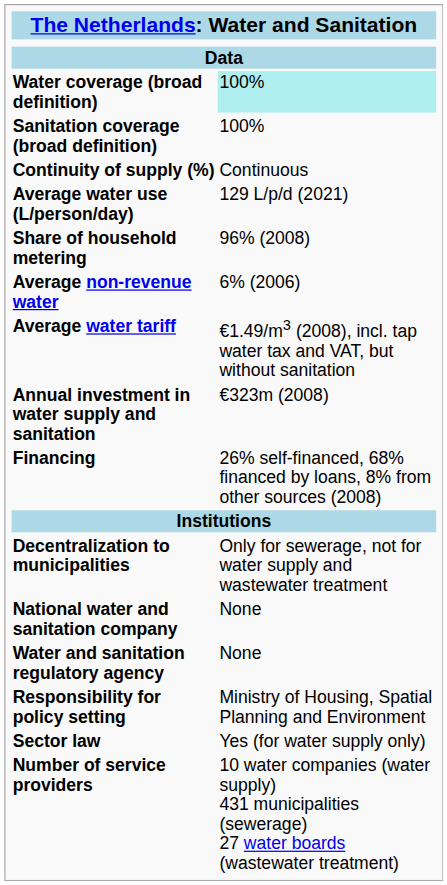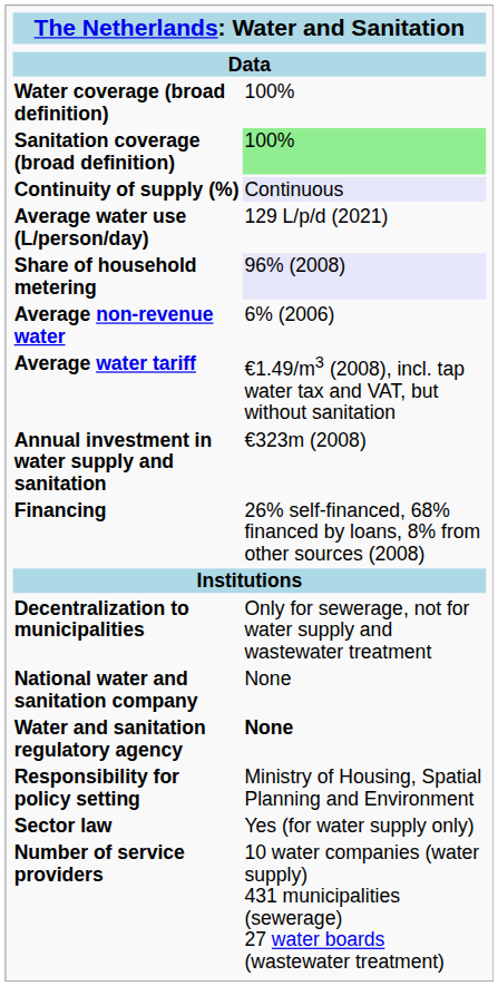 <table style="width: 25em; font-size: 90%; text-align: left;" class="infobox">
 <tr>
 <th align="center" bgcolor="lightblue" colspan="2"><big><a href='#'>The Netherlands</a>: Water and Sanitation</big></th>
 </tr>
 <tr>
 <td colspan="2" style="text-align:center"></td>
 </tr>
 <tr>
 <th align="center" bgcolor="lightblue" colspan="3">Data</th>
 </tr>
 <tr>
 <th align="left" valign="top">Water coverage (broad definition)</th>
-<td valign="top" style="background: paleturquoise;">100%</td>
+<td valign="top">100%</td>
 </tr>
 <tr>
 <th align="left" valign="top">Sanitation coverage (broad definition)</th>
-<td valign="top">100%</td>
+<td valign="top" style="background: lightgreen;">100%</td>
 </tr>
 <tr>
 <th align="left" valign="top">Continuity of supply (%)</th>
-<td valign="top">Continuous</td>
+<td valign="top" style="background: lavender;">Continuous</td>
 </tr>
 <tr>
 <th align="left" valign="top">Average water use (L/person/day)</th>
 <td valign="top">129 L/p/d (2021)</td>
 </tr>
 <tr>
 <th align="left" valign="top">Share of household metering</th>
-<td valign="top">96% (2008)</td>
+<td valign="top" style="background: lavender;">96% (2008)</td>
 </tr>
 <tr>
 <th align="left" valign="top">Average <a href='#'>non-revenue water</a></th>
 <td valign="top">6% (2006)</td>
 </tr>
 <tr>
 <th align="left" valign="top">Average <a href='#'>water tariff</a></th>
 <td valign="top">€1.49/m<sup>3</sup> (2008), incl. tap water tax and VAT, but without sanitation</td>
 </tr>
 <tr>
 <th align="left" valign="top">Annual investment in water supply and sanitation</th>
 <td valign="top">€323m (2008)</td>
 </tr>
 <tr>
 <th align="left" valign="top">Financing</th>
 <td valign="top">26% self-financed, 68% financed by loans, 8% from other sources (2008)</td>
 </tr>
 <tr>
 <th align="center" bgcolor="lightblue" colspan="3">Institutions</th>
 </tr>
 <tr>
 <th align="left" valign="top">Decentralization to municipalities</th>
 <td valign="top">Only for sewerage, not for water supply and wastewater treatment</td>
 </tr>
 <tr>
 <th align="left" valign="top">National water and sanitation company</th>
 <td valign="top">None</td>
 </tr>
 <tr>
 <th align="left" valign="top">Water and sanitation regulatory agency</th>
-<td valign="top">None</td>
+<td valign="top"><strong>None</strong></td>
 </tr>
 <tr>
 <th align="left" valign="top">Responsibility for policy setting</th>
 <td valign="top">Ministry of Housing, Spatial Planning and Environment</td>
 </tr>
 <tr>
 <th align="left" valign="top">Sector law</th>
 <td valign="top">Yes (for water supply only)</td>
 </tr>
 <tr>
 <th align="left" valign="top">Number of service providers</th>
 <td valign="top">10 water companies (water supply)<br>431 municipalities (sewerage)<br>27 <a href='#'>water boards</a> (wastewater treatment)</td>
 </tr>
 </table>
